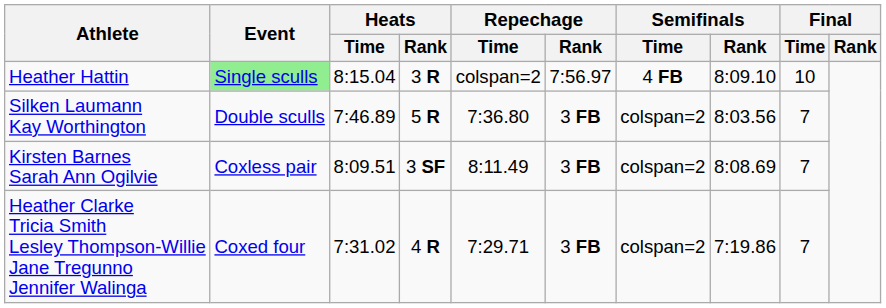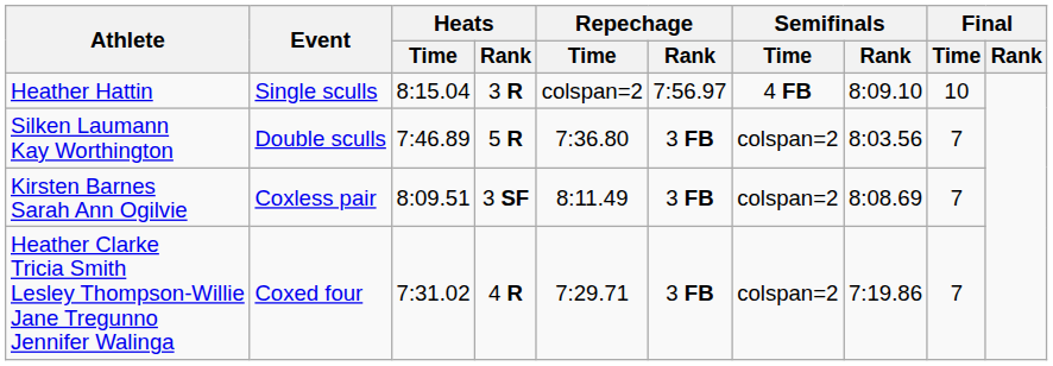 <table class="wikitable" style="font-size:90%">
 <tr>
 <th rowspan="2">Athlete</th>
 <th rowspan="2">Event</th>
 <th colspan="2">Heats</th>
 <th colspan="2">Repechage</th>
 <th colspan="2">Semifinals</th>
 <th colspan="2">Final</th>
 </tr>
 <tr style="font-size:95%">
 <th>Time</th>
 <th>Rank</th>
 <th>Time</th>
 <th>Rank</th>
 <th>Time</th>
 <th>Rank</th>
 <th>Time</th>
 <th>Rank</th>
 </tr>
 <tr align=center>
 <td align=left><a href='#'>Heather Hattin</a></td>
-<td align=left style="background: lightgreen;"><a href='#'>Single sculls</a></td>
+<td align=left><a href='#'>Single sculls</a></td>
 <td>8:15.04</td>
 <td>3 <strong>R</strong></td>
 <td>colspan=2</td>
 <td>7:56.97</td>
 <td>4 <strong>FB</strong></td>
 <td>8:09.10</td>
 <td>10</td>
 </tr>
 <tr align=center>
 <td align=left><a href='#'>Silken Laumann</a><br><a href='#'>Kay Worthington</a></td>
 <td align=left><a href='#'>Double sculls</a></td>
 <td>7:46.89</td>
 <td>5 <strong>R</strong></td>
 <td>7:36.80</td>
 <td>3 <strong>FB</strong></td>
 <td>colspan=2</td>
 <td>8:03.56</td>
 <td>7</td>
 </tr>
 <tr align=center>
 <td align=left><a href='#'>Kirsten Barnes</a><br><a href='#'>Sarah Ann Ogilvie</a></td>
 <td align=left><a href='#'>Coxless pair</a></td>
 <td>8:09.51</td>
 <td>3 <strong>SF</strong></td>
 <td>8:11.49</td>
 <td>3 <strong>FB</strong></td>
 <td>colspan=2</td>
 <td>8:08.69</td>
 <td>7</td>
 </tr>
 <tr align=center>
 <td align=left><a href='#'>Heather Clarke</a><br><a href='#'>Tricia Smith</a><br><a href='#'>Lesley Thompson-Willie</a><br><a href='#'>Jane Tregunno</a><br><a href='#'>Jennifer Walinga</a></td>
 <td align=left><a href='#'>Coxed four</a></td>
 <td>7:31.02</td>
 <td>4 <strong>R</strong></td>
 <td>7:29.71</td>
 <td>3 <strong>FB</strong></td>
 <td>colspan=2</td>
 <td>7:19.86</td>
 <td>7</td>
 </tr>
 </table>
